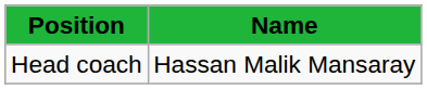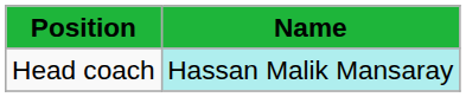 <table class="wikitable" style="font-size:90%;">
 <tr>
 <th style="background-color:#1EB53A;"><span>Position</span></th>
 <th style="background-color:#1EB53A;"><span>Name</span></th>
 </tr>
 <tr>
 <td>Head coach</td>
-<td align="left"> Hassan Malik Mansaray<br></td>
+<td align="left" style="background: paleturquoise;"> Hassan Malik Mansaray<br></td>
 </tr>
 </table>
